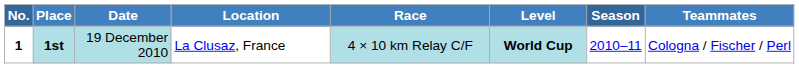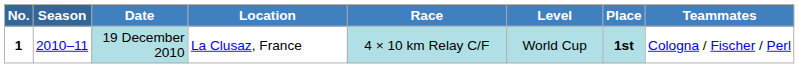 <table class="wikitable sortable" style="font-size:95%; text-align:center; border:grey solid 1px; border-collapse:collapse; background:#ffffff;">
 <tr style="background:#efefef;">
 <th style="background-color:#369; color:white;">No.</th>
-<th style="background-color:#4180be; color:white;">Place</th>
+<th style="background-color:#369; color:white;">Season</th>
 <th style="background-color:#4180be; color:white; width:100px;">Date</th>
 <th style="background-color:#4180be; color:white; width:170px;">Location</th>
 <th style="background-color:#4180be; color:white; width:170px;">Race</th>
 <th style="background-color:#4180be; color:white; width:100px;">Level</th>
-<th style="background-color:#369; color:white;">Season</th>
+<th style="background-color:#4180be; color:white;">Place</th>
 <th style="background-color:#4180be; color:white;">Teammates</th>
 </tr>
 <tr>
 <td align=center><strong>1</strong></td>
-<td bgcolor="#BOEOE6"><strong>1st</strong></td>
+<td rowspan=1 align=center><a href='#'>2010–11</a></td>
 <td bgcolor="#BOEOE6" align=right>19 December 2010</td>
 <td align=left> <a href='#'>La Clusaz</a>, France</td>
 <td bgcolor="#BOEOE6">4 × 10 km Relay C/F</td>
-<td bgcolor="#BOEOE6"><strong>World Cup</strong></td>
-<td rowspan=1 align=center><a href='#'>2010–11</a></td>
+<td bgcolor="#BOEOE6">World Cup</td>
+<td bgcolor="#BOEOE6"><strong>1st</strong></td>
 <td><a href='#'>Cologna</a> / <a href='#'>Fischer</a> / <a href='#'>Perl</a></td>
 </tr>
 </table>
